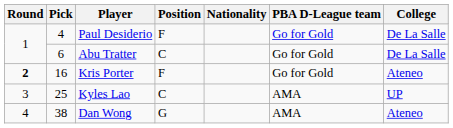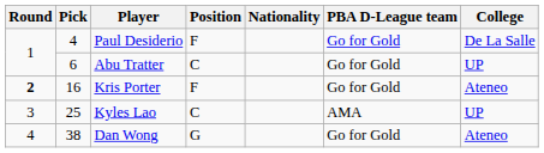 <table class="wikitable sortable sortable">
 <tr>
 <th>Round</th>
 <th>Pick</th>
 <th>Player</th>
 <th>Position</th>
 <th>Nationality</th>
 <th>PBA D-League team</th>
 <th>College</th>
 </tr>
 <tr>
 <td rowspan=2 align=center>1</td>
 <td align=center>4</td>
 <td><a href='#'>Paul Desiderio</a></td>
 <td>F</td>
 <td></td>
 <td><a href='#'>Go for Gold</a></td>
 <td><a href='#'>De La Salle</a></td>
 </tr>
 <tr>
 <td align=center>6</td>
 <td><a href='#'>Abu Tratter</a></td>
 <td>C</td>
 <td></td>
 <td>Go for Gold</td>
-<td><a href='#'>De La Salle</a></td>
+<td><a href='#'>UP</a></td>
 </tr>
 <tr>
 <td align=center><strong>2</strong></td>
 <td align=center>16</td>
 <td><a href='#'>Kris Porter</a></td>
 <td>F</td>
 <td></td>
 <td>Go for Gold</td>
 <td><a href='#'>Ateneo</a></td>
 </tr>
 <tr>
 <td align=center>3</td>
 <td align=center>25</td>
 <td><a href='#'>Kyles Lao</a></td>
 <td>C</td>
 <td></td>
 <td>AMA</td>
 <td><a href='#'>UP</a></td>
 </tr>
 <tr>
 <td align=center>4</td>
 <td align=center>38</td>
 <td><a href='#'>Dan Wong</a></td>
 <td>G</td>
 <td></td>
-<td>AMA</td>
+<td>Go for Gold</td>
 <td><a href='#'>Ateneo</a></td>
 </tr>
 </table>
